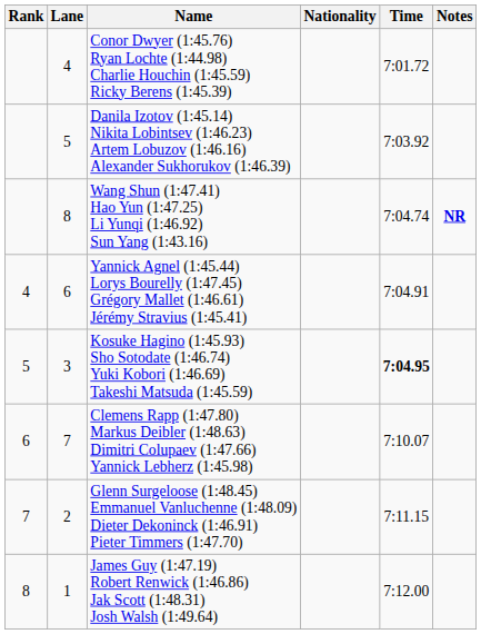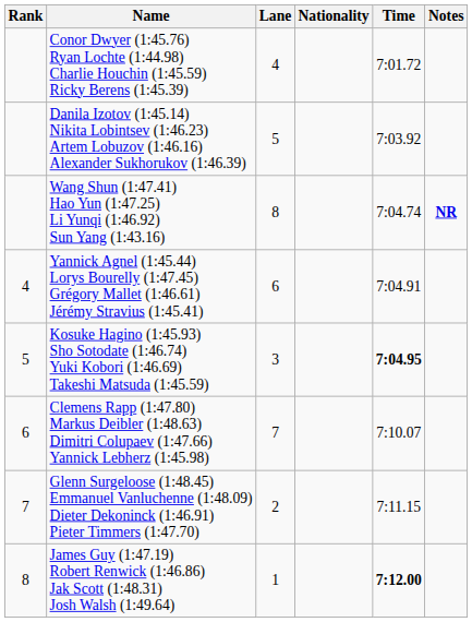 <table class="wikitable sortable" style="text-align:center">
 <tr>
 <th>Rank</th>
+<th>Name</th>
 <th>Lane</th>
-<th>Name</th>
 <th>Nationality</th>
 <th>Time</th>
 <th>Notes</th>
 </tr>
 <tr>
 <td></td>
+<td align=left><a href='#'>Conor Dwyer</a> (1:45.76)<br><a href='#'>Ryan Lochte</a> (1:44.98)<br><a href='#'>Charlie Houchin</a> (1:45.59)<br><a href='#'>Ricky Berens</a> (1:45.39)</td>
 <td>4</td>
-<td align=left><a href='#'>Conor Dwyer</a> (1:45.76)<br><a href='#'>Ryan Lochte</a> (1:44.98)<br><a href='#'>Charlie Houchin</a> (1:45.59)<br><a href='#'>Ricky Berens</a> (1:45.39)</td>
 <td align=left></td>
 <td>7:01.72</td>
 <td></td>
 </tr>
 <tr>
 <td></td>
+<td align=left><a href='#'>Danila Izotov</a> (1:45.14)<br><a href='#'>Nikita Lobintsev</a> (1:46.23)<br><a href='#'>Artem Lobuzov</a> (1:46.16)<br><a href='#'>Alexander Sukhorukov</a> (1:46.39)</td>
 <td>5</td>
-<td align=left><a href='#'>Danila Izotov</a> (1:45.14)<br><a href='#'>Nikita Lobintsev</a> (1:46.23)<br><a href='#'>Artem Lobuzov</a> (1:46.16)<br><a href='#'>Alexander Sukhorukov</a> (1:46.39)</td>
 <td align=left></td>
 <td>7:03.92</td>
 <td></td>
 </tr>
 <tr>
 <td></td>
+<td align=left><a href='#'>Wang Shun</a> (1:47.41)<br><a href='#'>Hao Yun</a> (1:47.25)<br><a href='#'>Li Yunqi</a> (1:46.92)<br><a href='#'>Sun Yang</a> (1:43.16)</td>
 <td>8</td>
-<td align=left><a href='#'>Wang Shun</a> (1:47.41)<br><a href='#'>Hao Yun</a> (1:47.25)<br><a href='#'>Li Yunqi</a> (1:46.92)<br><a href='#'>Sun Yang</a> (1:43.16)</td>
 <td align=left></td>
 <td>7:04.74</td>
 <td><strong><a href='#'>NR</a></strong></td>
 </tr>
 <tr>
 <td>4</td>
+<td align=left><a href='#'>Yannick Agnel</a> (1:45.44)<br><a href='#'>Lorys Bourelly</a> (1:47.45)<br><a href='#'>Grégory Mallet</a> (1:46.61)<br><a href='#'>Jérémy Stravius</a> (1:45.41)</td>
 <td>6</td>
-<td align=left><a href='#'>Yannick Agnel</a> (1:45.44)<br><a href='#'>Lorys Bourelly</a> (1:47.45)<br><a href='#'>Grégory Mallet</a> (1:46.61)<br><a href='#'>Jérémy Stravius</a> (1:45.41)</td>
 <td align=left></td>
 <td>7:04.91</td>
 <td></td>
 </tr>
 <tr>
 <td>5</td>
+<td align=left><a href='#'>Kosuke Hagino</a> (1:45.93)<br><a href='#'>Sho Sotodate</a> (1:46.74)<br><a href='#'>Yuki Kobori</a> (1:46.69)<br><a href='#'>Takeshi Matsuda</a> (1:45.59)</td>
 <td>3</td>
-<td align=left><a href='#'>Kosuke Hagino</a> (1:45.93)<br><a href='#'>Sho Sotodate</a> (1:46.74)<br><a href='#'>Yuki Kobori</a> (1:46.69)<br><a href='#'>Takeshi Matsuda</a> (1:45.59)</td>
 <td align=left></td>
 <td><strong>7:04.95</strong></td>
 <td></td>
 </tr>
 <tr>
 <td>6</td>
+<td align=left><a href='#'>Clemens Rapp</a> (1:47.80)<br><a href='#'>Markus Deibler</a> (1:48.63)<br><a href='#'>Dimitri Colupaev</a> (1:47.66)<br><a href='#'>Yannick Lebherz</a> (1:45.98)</td>
 <td>7</td>
-<td align=left><a href='#'>Clemens Rapp</a> (1:47.80)<br><a href='#'>Markus Deibler</a> (1:48.63)<br><a href='#'>Dimitri Colupaev</a> (1:47.66)<br><a href='#'>Yannick Lebherz</a> (1:45.98)</td>
 <td align=left></td>
 <td>7:10.07</td>
 <td></td>
 </tr>
 <tr>
 <td>7</td>
+<td align=left><a href='#'>Glenn Surgeloose</a> (1:48.45)<br><a href='#'>Emmanuel Vanluchenne</a> (1:48.09)<br><a href='#'>Dieter Dekoninck</a> (1:46.91)<br><a href='#'>Pieter Timmers</a> (1:47.70)</td>
 <td>2</td>
-<td align=left><a href='#'>Glenn Surgeloose</a> (1:48.45)<br><a href='#'>Emmanuel Vanluchenne</a> (1:48.09)<br><a href='#'>Dieter Dekoninck</a> (1:46.91)<br><a href='#'>Pieter Timmers</a> (1:47.70)</td>
 <td align=left></td>
 <td>7:11.15</td>
 <td></td>
 </tr>
 <tr>
 <td>8</td>
+<td align=left><a href='#'>James Guy</a> (1:47.19)<br><a href='#'>Robert Renwick</a> (1:46.86)<br><a href='#'>Jak Scott</a> (1:48.31)<br><a href='#'>Josh Walsh</a> (1:49.64)</td>
 <td>1</td>
-<td align=left><a href='#'>James Guy</a> (1:47.19)<br><a href='#'>Robert Renwick</a> (1:46.86)<br><a href='#'>Jak Scott</a> (1:48.31)<br><a href='#'>Josh Walsh</a> (1:49.64)</td>
 <td align=left></td>
-<td>7:12.00</td>
+<td><strong>7:12.00</strong></td>
 <td></td>
 </tr>
 </table>
